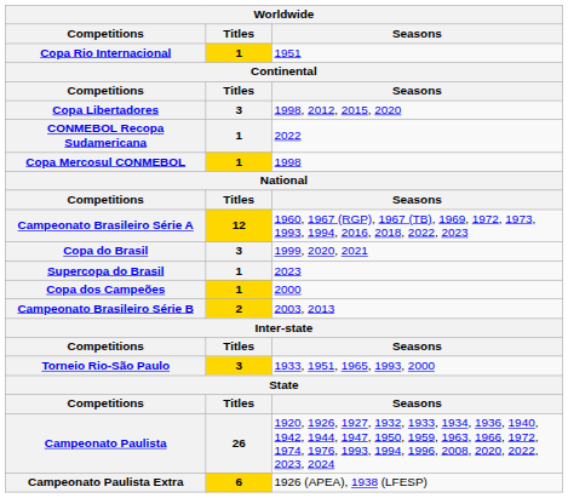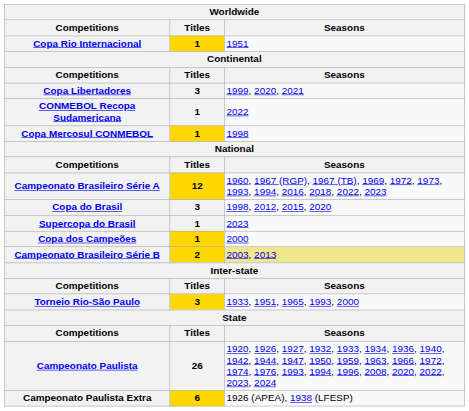 <table class="wikitable sortable”">
 <tr |->
 <th colspan="3”">Worldwide</th>
 </tr>
 <tr>
 <th style="width:260px">Competitions</th>
 <th style="width:80px">Titles</th>
 <th style="width:380px">Seasons</th>
 </tr>
 <tr>
 <th style="text-align:center"><a href='#'>Copa Rio Internacional</a></th>
 <td bgcolor="gold" style="text-align:center"><strong>1</strong></td>
 <td align="left"><a href='#'>1951</a></td>
 </tr>
 <tr>
 <th colspan="3">Continental</th>
 </tr>
 <tr>
 <th style="width:260px">Competitions</th>
 <th style="width:80px">Titles</th>
 <th style="width:380px">Seasons</th>
 </tr>
 <tr>
 <th style="text-align:center"><a href='#'>Copa Libertadores</a></th>
 <th style="text-align:center">3</th>
-<td align="left"><a href='#'>1998</a>, <a href='#'>2012</a>, <a href='#'>2015</a>, <a href='#'>2020</a></td>
+<td align="left"><a href='#'>1999</a>, <a href='#'>2020</a>, <a href='#'>2021</a></td>
 </tr>
 <tr>
 <th style="text-align:center"><a href='#'>CONMEBOL Recopa Sudamericana</a></th>
 <th>1</th>
 <td align="left"><a href='#'>2022</a></td>
 </tr>
 <tr>
 <th style="text-align:center"><a href='#'>Copa Mercosul CONMEBOL</a></th>
 <td bgcolor="gold" style="text-align:center"><strong>1</strong></td>
 <td align="left"><a href='#'>1998</a></td>
 </tr>
 <tr>
 <th colspan="3">National</th>
 </tr>
 <tr>
 <th style="width:260px">Competitions</th>
 <th style="width:80px">Titles</th>
 <th style="width:380px">Seasons</th>
 </tr>
 <tr>
 <th style="text-align:center"><a href='#'>Campeonato Brasileiro Série A</a></th>
 <td bgcolor="gold" style="text-align:center"><strong>12</strong></td>
 <td align="left"><a href='#'>1960</a>, <a href='#'>1967 (RGP)</a>, <a href='#'> 1967 (TB)</a>, <a href='#'>1969</a>, <a href='#'>1972</a>, <a href='#'>1973</a>, <a href='#'>1993</a>, <a href='#'>1994</a>, <a href='#'>2016</a>, <a href='#'>2018</a>, <a href='#'>2022</a>, <a href='#'>2023</a></td>
 </tr>
 <tr>
 <th style="text-align:center"><a href='#'>Copa do Brasil</a></th>
 <th>3</th>
-<td align="left"><a href='#'>1999</a>, <a href='#'>2020</a>, <a href='#'>2021</a></td>
+<td align="left"><a href='#'>1998</a>, <a href='#'>2012</a>, <a href='#'>2015</a>, <a href='#'>2020</a></td>
 </tr>
 <tr>
 <th style="text-align:center"><a href='#'>Supercopa do Brasil</a></th>
 <th>1</th>
 <td align="left"><a href='#'>2023</a></td>
 </tr>
 <tr>
 <th style="text-align:center"><a href='#'>Copa dos Campeões</a></th>
 <td bgcolor="gold" style="text-align:center"><strong>1</strong></td>
 <td align="left"><a href='#'>2000</a></td>
 </tr>
 <tr>
 <th style="text-align:center"><a href='#'>Campeonato Brasileiro Série B</a></th>
 <td bgcolor="gold" style="text-align:center"><strong>2</strong></td>
-<td align="left"><a href='#'>2003</a>, <a href='#'>2013</a></td>
+<td align="left" style="background: khaki;"><a href='#'>2003</a>, <a href='#'>2013</a></td>
 </tr>
 <tr>
 <th colspan="3">Inter-state</th>
 </tr>
 <tr>
 <th style="width:260px">Competitions</th>
 <th style="width:80px">Titles</th>
 <th style="width:380px">Seasons</th>
 </tr>
 <tr>
 <th><a href='#'>Torneio Rio-São Paulo</a></th>
 <td bgcolor="gold" style="text-align:center"><strong>3</strong></td>
 <td align="left"><a href='#'>1933</a>, <a href='#'>1951</a>, <a href='#'>1965</a>, <a href='#'>1993</a>, <a href='#'>2000</a></td>
 </tr>
 <tr>
 <th colspan="3">State</th>
 </tr>
 <tr>
 <th style="width:260px">Competitions</th>
 <th style="width:80px">Titles</th>
 <th style="width:380px">Seasons</th>
 </tr>
 <tr>
 <th style="text-align:center"><a href='#'>Campeonato Paulista</a></th>
 <th>26</th>
 <td align="left"><a href='#'>1920</a>, <a href='#'>1926</a>, <a href='#'>1927</a>, <a href='#'>1932</a>, <a href='#'>1933</a>, <a href='#'>1934</a>, <a href='#'>1936</a>, <a href='#'>1940</a>, <a href='#'>1942</a>, <a href='#'>1944</a>, <a href='#'>1947</a>, <a href='#'>1950</a>, <a href='#'>1959</a>, <a href='#'>1963</a>, <a href='#'>1966</a>, <a href='#'>1972</a>, <a href='#'>1974</a>, <a href='#'>1976</a>, <a href='#'>1993</a>, <a href='#'>1994</a>, <a href='#'>1996</a>, <a href='#'>2008</a>, <a href='#'>2020</a>, <a href='#'>2022</a>, <a href='#'>2023</a>, <a href='#'>2024</a></td>
 </tr>
 <tr>
 <th>Campeonato Paulista Extra</th>
 <td bgcolor="gold" style="text-align:center"><strong>6</strong></td>
 <td align="left">1926 (APEA), <a href='#'>1938</a> (LFESP)</td>
 </tr>
 </table>
